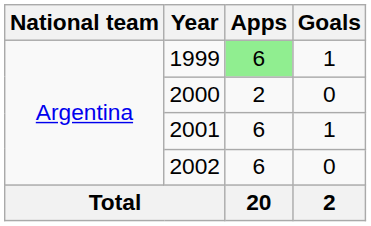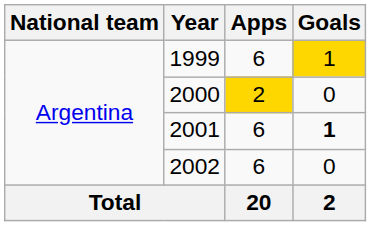 <table class=wikitable style="text-align: center;">
 <tr>
 <th>National team</th>
 <th>Year</th>
 <th>Apps</th>
 <th>Goals</th>
 </tr>
 <tr>
 <td rowspan=4><a href='#'>Argentina</a></td>
 <td>1999</td>
-<td style="background: lightgreen;">6</td>
-<td>1</td>
+<td>6</td>
+<td style="background: gold;">1</td>
 </tr>
 <tr>
 <td>2000</td>
-<td>2</td>
+<td style="background: gold;">2</td>
 <td>0</td>
 </tr>
 <tr>
 <td>2001</td>
 <td>6</td>
-<td>1</td>
+<td><strong>1</strong></td>
 </tr>
 <tr>
 <td>2002</td>
 <td>6</td>
 <td>0</td>
 </tr>
 <tr>
 <th colspan=2>Total</th>
 <th>20</th>
 <th>2</th>
 </tr>
 </table>
